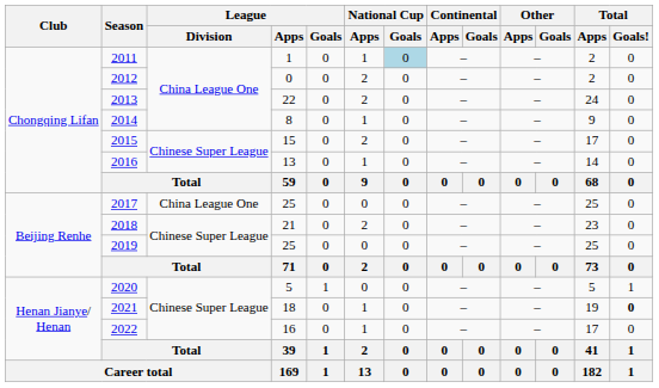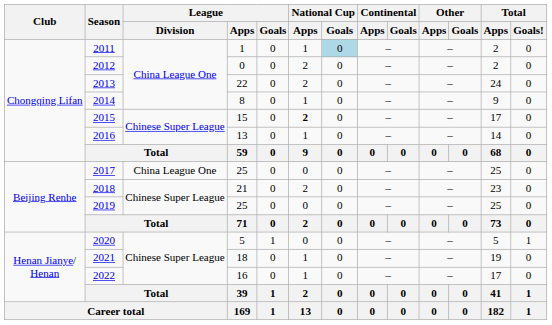 <table class="wikitable" style="text-align: center">
 <tr>
 <th rowspan="2">Club</th>
 <th rowspan="2">Season</th>
 <th colspan="3">League</th>
 <th colspan="2">National Cup</th>
 <th colspan="2">Continental</th>
 <th colspan="2">Other</th>
 <th colspan="2">Total</th>
 </tr>
 <tr>
 <th>Division</th>
 <th>Apps</th>
 <th>Goals</th>
 <th>Apps</th>
 <th>Goals</th>
 <th>Apps</th>
 <th>Goals</th>
 <th>Apps</th>
 <th>Goals</th>
 <th>Apps</th>
 <th>Goals!</th>
 </tr>
 <tr>
 <td rowspan=7><a href='#'>Chongqing Lifan</a></td>
 <td><a href='#'>2011</a></td>
 <td rowspan="4"><a href='#'>China League One</a></td>
 <td>1</td>
 <td>0</td>
 <td>1</td>
 <td style="background: lightblue;">0</td>
 <td colspan="2">–</td>
 <td colspan="2">–</td>
 <td>2</td>
 <td>0</td>
 </tr>
 <tr>
 <td><a href='#'>2012</a></td>
 <td>0</td>
 <td>0</td>
 <td>2</td>
 <td>0</td>
 <td colspan="2">–</td>
 <td colspan="2">–</td>
 <td>2</td>
 <td>0</td>
 </tr>
 <tr>
 <td><a href='#'>2013</a></td>
 <td>22</td>
 <td>0</td>
 <td>2</td>
 <td>0</td>
 <td colspan="2">–</td>
 <td colspan="2">–</td>
 <td>24</td>
 <td>0</td>
 </tr>
 <tr>
 <td><a href='#'>2014</a></td>
 <td>8</td>
 <td>0</td>
 <td>1</td>
 <td>0</td>
 <td colspan="2">–</td>
 <td colspan="2">–</td>
 <td>9</td>
 <td>0</td>
 </tr>
 <tr>
 <td><a href='#'>2015</a></td>
 <td rowspan="2"><a href='#'>Chinese Super League</a></td>
 <td>15</td>
 <td>0</td>
-<td>2</td>
+<td><strong>2</strong></td>
 <td>0</td>
 <td colspan="2">–</td>
 <td colspan="2">–</td>
 <td>17</td>
 <td>0</td>
 </tr>
 <tr>
 <td><a href='#'>2016</a></td>
 <td>13</td>
 <td>0</td>
 <td>1</td>
 <td>0</td>
 <td colspan="2">–</td>
 <td colspan="2">–</td>
 <td>14</td>
 <td>0</td>
 </tr>
 <tr>
 <th colspan="2"><strong>Total</strong></th>
 <th>59</th>
 <th>0</th>
 <th>9</th>
 <th>0</th>
 <th>0</th>
 <th>0</th>
 <th>0</th>
 <th>0</th>
 <th>68</th>
 <th>0</th>
 </tr>
 <tr>
 <td rowspan=4><a href='#'>Beijing Renhe</a></td>
 <td><a href='#'>2017</a></td>
 <td>China League One</td>
 <td>25</td>
 <td>0</td>
 <td>0</td>
 <td>0</td>
 <td colspan="2">–</td>
 <td colspan="2">–</td>
 <td>25</td>
 <td>0</td>
 </tr>
 <tr>
 <td><a href='#'>2018</a></td>
 <td rowspan=2>Chinese Super League</td>
 <td>21</td>
 <td>0</td>
 <td>2</td>
 <td>0</td>
 <td colspan="2">–</td>
 <td colspan="2">–</td>
 <td>23</td>
 <td>0</td>
 </tr>
 <tr>
 <td><a href='#'>2019</a></td>
 <td>25</td>
 <td>0</td>
 <td>0</td>
 <td>0</td>
 <td colspan="2">–</td>
 <td colspan="2">–</td>
 <td>25</td>
 <td>0</td>
 </tr>
 <tr>
 <th colspan="2"><strong>Total</strong></th>
 <th>71</th>
 <th>0</th>
 <th>2</th>
 <th>0</th>
 <th>0</th>
 <th>0</th>
 <th>0</th>
 <th>0</th>
 <th>73</th>
 <th>0</th>
 </tr>
 <tr>
 <td rowspan="4"><a href='#'>Henan Jianye</a>/<br><a href='#'>Henan</a></td>
 <td><a href='#'>2020</a></td>
 <td rowspan="3">Chinese Super League</td>
 <td>5</td>
 <td>1</td>
 <td>0</td>
 <td>0</td>
 <td colspan="2">–</td>
 <td colspan="2">–</td>
 <td>5</td>
 <td>1</td>
 </tr>
 <tr>
 <td><a href='#'>2021</a></td>
 <td>18</td>
 <td>0</td>
 <td>1</td>
 <td>0</td>
 <td colspan="2">–</td>
 <td colspan="2">–</td>
 <td>19</td>
-<td><strong>0</strong></td>
+<td>0</td>
 </tr>
 <tr>
 <td><a href='#'>2022</a></td>
 <td>16</td>
 <td>0</td>
 <td>1</td>
 <td>0</td>
 <td colspan="2">–</td>
 <td colspan="2">–</td>
 <td>17</td>
 <td>0</td>
 </tr>
 <tr>
 <th colspan="2"><strong>Total</strong></th>
 <th>39</th>
 <th>1</th>
 <th>2</th>
 <th>0</th>
 <th>0</th>
 <th>0</th>
 <th>0</th>
 <th>0</th>
 <th>41</th>
 <th>1</th>
 </tr>
 <tr>
 <th colspan="3">Career total</th>
 <th>169</th>
 <th>1</th>
 <th>13</th>
 <th>0</th>
 <th>0</th>
 <th>0</th>
 <th>0</th>
 <th>0</th>
 <th>182</th>
 <th>1</th>
 </tr>
 </table>
